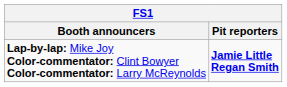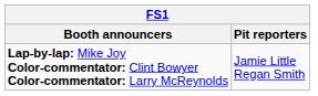 <table class="wikitable" style="font-size: 95%">
 <tr>
 <th colspan="2"><a href='#'>FS1</a></th>
 </tr>
 <tr>
 <th>Booth announcers</th>
 <th>Pit reporters</th>
 </tr>
 <tr>
 <td><strong>Lap-by-lap:</strong> <a href='#'>Mike Joy</a><br><strong>Color-commentator:</strong> <a href='#'>Clint Bowyer</a><br><strong>Color-commentator:</strong> <a href='#'>Larry McReynolds</a></td>
-<td><strong><a href='#'>Jamie Little</a><br><a href='#'>Regan Smith</a></strong></td>
+<td><a href='#'>Jamie Little</a><br><a href='#'>Regan Smith</a></td>
 </tr>
 </table>
